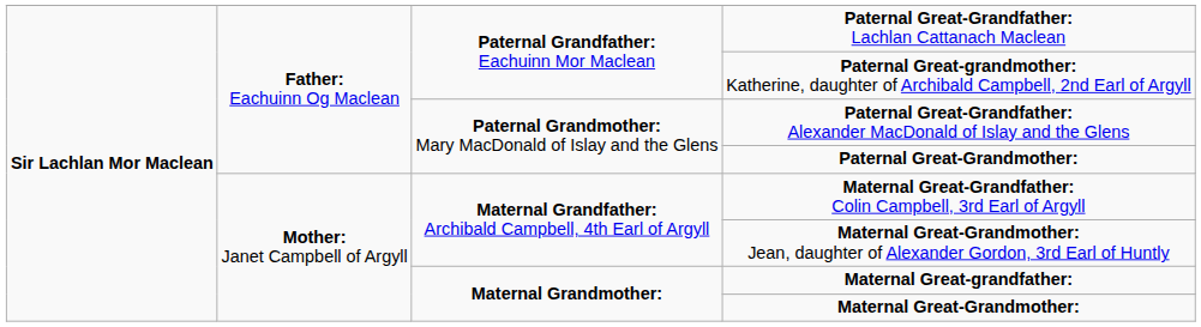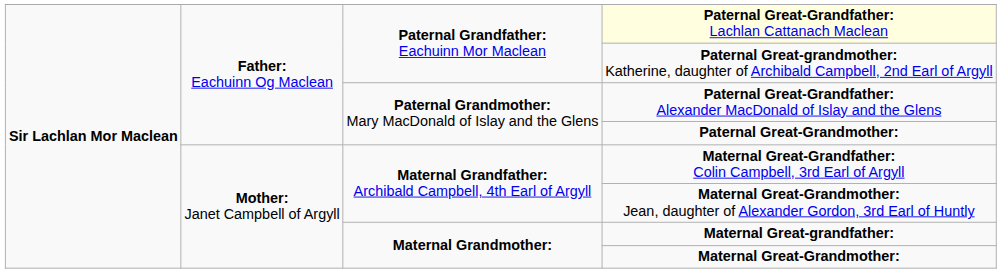 <table class="wikitable" style="margin:1em auto;">
 <tr>
 </tr>
 <tr>
 <td rowspan="8" align="center"><strong>Sir Lachlan Mor Maclean</strong></td>
 <td rowspan="4" align="center"><strong>Father:</strong><br><a href='#'>Eachuinn Og Maclean</a></td>
 <td rowspan="2" align="center"><strong>Paternal Grandfather:</strong><br><a href='#'>Eachuinn Mor Maclean</a></td>
-<td align="center"><strong>Paternal Great-Grandfather:</strong><br><a href='#'>Lachlan Cattanach Maclean</a></td>
+<td align="center" style="background: lightyellow;"><strong>Paternal Great-Grandfather:</strong><br><a href='#'>Lachlan Cattanach Maclean</a></td>
 </tr>
 <tr>
 <td align="center"><strong>Paternal Great-grandmother:</strong><br>Katherine,  daughter of <a href='#'>Archibald Campbell, 2nd Earl of Argyll</a></td>
 </tr>
 <tr>
 <td rowspan="2" align="center"><strong>Paternal Grandmother:</strong><br>Mary MacDonald of Islay and the Glens</td>
 <td align="center"><strong>Paternal Great-Grandfather:</strong><br><a href='#'>Alexander MacDonald of Islay and the Glens</a></td>
 </tr>
 <tr>
 <td align="center"><strong>Paternal Great-Grandmother:</strong><br></td>
 </tr>
 <tr>
 <td rowspan="4" align="center"><strong>Mother:</strong><br>Janet Campbell of Argyll</td>
 <td rowspan="2" align="center"><strong>Maternal Grandfather:</strong><br><a href='#'>Archibald Campbell, 4th Earl of Argyll</a></td>
 <td align="center"><strong>Maternal Great-Grandfather:</strong><br><a href='#'>Colin Campbell, 3rd Earl of Argyll</a></td>
 </tr>
 <tr>
 <td align="center"><strong>Maternal Great-Grandmother:</strong><br>Jean, daughter of <a href='#'>Alexander Gordon, 3rd Earl of Huntly</a></td>
 </tr>
 <tr>
 <td rowspan="2" align="center"><strong>Maternal Grandmother:</strong><br></td>
 <td align="center"><strong>Maternal Great-grandfather:</strong><br></td>
 </tr>
 <tr>
 <td align="center"><strong>Maternal Great-Grandmother:</strong><br></td>
 </tr>
 </table>
